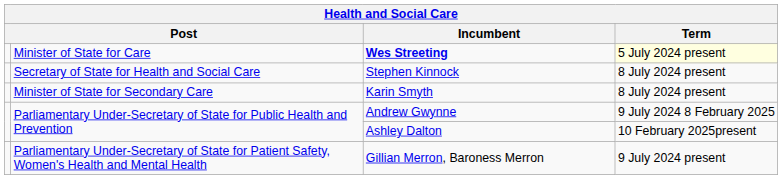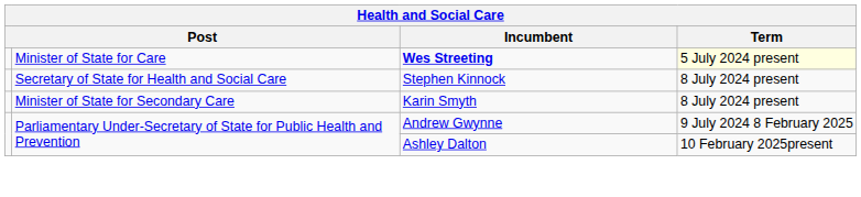 <table class="wikitable">
 <tr>
 <th colspan="4"><a href='#'>Health and Social Care</a></th>
 </tr>
 <tr>
 <th colspan="2">Post</th>
 <th>Incumbent</th>
 <th>Term</th>
 </tr>
 <tr>
 <td style="width: 1px; background: "></td>
 <td rowspan="1" style="width: 450px;"><a href='#'>Minister of State for Care</a></td>
 <td style="width: 320px;"><strong><a href='#'>Wes Streeting</a></strong></td>
 <td style="background: lightyellow;">5 July 2024 present</td>
 </tr>
 <tr>
 <td rowspan="1" style="width: 1px; background: "></td>
 <td style="width: 450px;"><a href='#'>Secretary of State for Health and Social Care</a></td>
 <td><a href='#'>Stephen Kinnock</a></td>
 <td>8 July 2024 present</td>
 </tr>
 <tr>
 <td rowspan="1" style="width: 1px; background: "></td>
 <td rowspan="1" style="width: 450px;"><a href='#'>Minister of State for Secondary Care</a></td>
 <td><a href='#'>Karin Smyth</a></td>
 <td>8 July 2024 present</td>
 </tr>
 <tr>
 <td rowspan="2" style="width: 1px; background: "></td>
 <td rowspan="2"><a href='#'>Parliamentary Under-Secretary of State for Public Health and Prevention</a></td>
 <td><a href='#'>Andrew Gwynne</a></td>
 <td>9 July 2024 8 February 2025 </td>
 </tr>
 <tr>
 <td><a href='#'>Ashley Dalton</a></td>
 <td>10 February 2025present</td>
 </tr>
-<tr>
-<td rowspan="1" style="width: 1px; background: "></td>
-<td><a href='#'>Parliamentary Under-Secretary of State for Patient Safety, Women's Health and Mental Health</a></td>
-<td><a href='#'>Gillian Merron</a>, Baroness Merron</td>
-<td>9 July 2024 present</td>
-</tr>
 </table>
